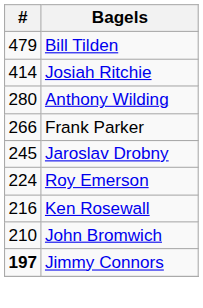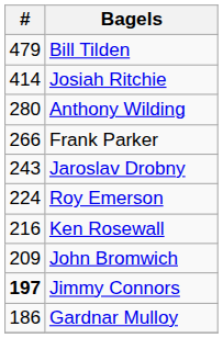 <table class="wikitable" style="display:inline-table;">
 <tr>
 <th>#</th>
 <th width=140>Bagels</th>
 </tr>
 <tr>
 <td>479</td>
 <td> <a href='#'>Bill Tilden</a></td>
 </tr>
 <tr>
 <td>414</td>
 <td> <a href='#'>Josiah Ritchie</a></td>
 </tr>
 <tr>
 <td>280</td>
 <td> <a href='#'>Anthony Wilding</a></td>
 </tr>
 <tr>
 <td>266</td>
 <td> Frank Parker</td>
 </tr>
 <tr>
-<td>245</td>
+<td>243</td>
 <td> <a href='#'>Jaroslav Drobny</a></td>
 </tr>
 <tr>
 <td>224</td>
 <td> <a href='#'>Roy Emerson</a></td>
 </tr>
 <tr>
 <td>216</td>
 <td> <a href='#'>Ken Rosewall</a></td>
 </tr>
 <tr>
-<td>210</td>
+<td>209</td>
 <td> <a href='#'>John Bromwich</a></td>
 </tr>
 <tr>
 <td><strong>197</strong></td>
 <td> <a href='#'>Jimmy Connors</a></td>
 </tr>
 <tr>
+<td>186</td>
+<td> <a href='#'>Gardnar Mulloy</a></td>
+</tr>
+<tr>
 </tr>
 </table>
